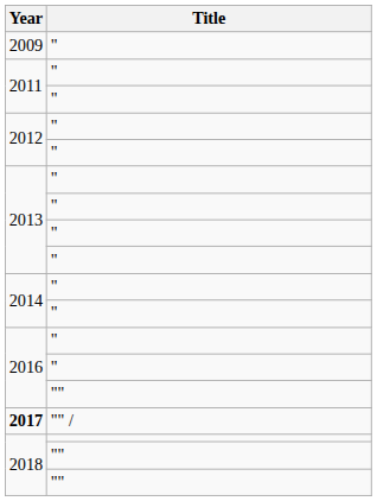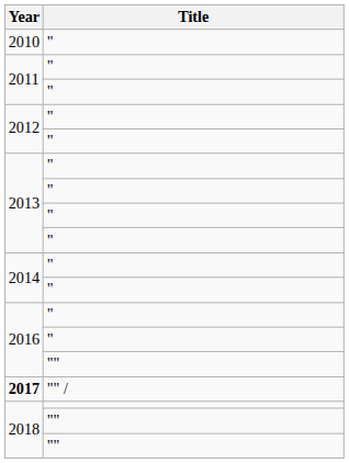 <table class="wikitable">
 <tr>
 <th width=10>Year</th>
 <th width=300>Title</th>
 </tr>
 <tr>
-<td>2009</td>
+<td>2010</td>
 <td>"</td>
 </tr>
 <tr>
 <td rowspan=2>2011</td>
 <td>"</td>
 </tr>
 <tr>
 <td>"</td>
 </tr>
 <tr>
 <td rowspan=2>2012</td>
 <td>"</td>
 </tr>
 <tr>
 <td>"</td>
 </tr>
 <tr>
 <td rowspan=4>2013</td>
 <td>"</td>
 </tr>
 <tr>
 <td>"</td>
 </tr>
 <tr>
 <td>"</td>
 </tr>
 <tr>
 <td>"</td>
 </tr>
 <tr>
 <td rowspan=2>2014</td>
 <td>"</td>
 </tr>
 <tr>
 <td>"</td>
 </tr>
 <tr>
 <td rowspan="3">2016</td>
 <td>"</td>
 </tr>
 <tr>
 <td>"</td>
 </tr>
 <tr>
 <td>""</td>
 </tr>
 <tr>
 <td><strong>2017</strong></td>
 <td>"" / </td>
 </tr>
 <tr>
 <td rowspan="3">2018</td>
 <td></td>
 </tr>
 <tr>
 <td>""</td>
 </tr>
 <tr>
 <td>""</td>
 </tr>
 </table>
